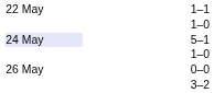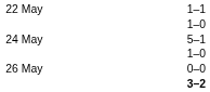 <table cellspacing=1 width=70%>
 <tr>
 <th width=25%></th>
 <th width=30%></th>
 <th width=15%></th>
 <th width=30%></th>
 </tr>
 <tr>
 <td>22 May</td>
 <td align=right></td>
 <td align=center>1–1</td>
 <td></td>
 </tr>
 <tr>
 <td></td>
 <td align=right></td>
 <td align=center>1–0</td>
 <td></td>
 </tr>
 <tr>
-<td style="background: lavender;">24 May</td>
+<td>24 May</td>
 <td align=right></td>
 <td align=center>5–1</td>
 <td></td>
 </tr>
 <tr>
 <td></td>
 <td align=right></td>
 <td align=center>1–0</td>
 <td></td>
 </tr>
 <tr>
 <td>26 May</td>
 <td align=right></td>
 <td align=center>0–0</td>
 <td></td>
 </tr>
 <tr>
 <td></td>
 <td align=right></td>
-<td align=center>3–2</td>
+<td align=center><strong>3–2</strong></td>
 <td></td>
 </tr>
 </table>
